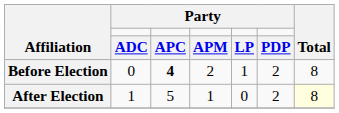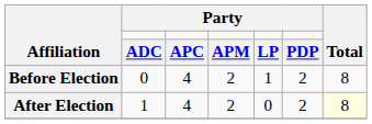 <table class=wikitable style="text-align:center">
 <tr style="vertical-align:bottom;">
 <th rowspan=3>Affiliation</th>
 <th colspan="5">Party</th>
 <th rowspan=3>Total</th>
 </tr>
 <tr>
 <td style="background-color:"></td>
 <td style="background-color:"></td>
 <td style="background-color:"></td>
 <td style="background-color:"></td>
 <td style="background-color:"></td>
 </tr>
 <tr>
 <th><a href='#'>ADC</a></th>
 <th><a href='#'>APC</a></th>
 <th><a href='#'>APM</a></th>
 <th><a href='#'>LP</a></th>
 <th><a href='#'>PDP</a></th>
 </tr>
 <tr>
 <th>Before Election</th>
 <td>0</td>
-<td><strong>4</strong></td>
+<td>4</td>
 <td>2</td>
 <td>1</td>
 <td>2</td>
 <td>8</td>
 </tr>
 <tr>
 <th>After Election</th>
 <td>1</td>
-<td>5</td>
-<td>1</td>
+<td>4</td>
+<td>2</td>
 <td>0</td>
 <td>2</td>
 <td style="background: lightyellow;">8</td>
 </tr>
 <tr>
 </tr>
 </table>
